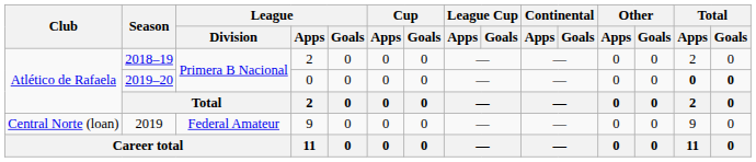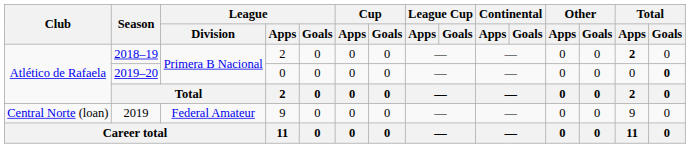 <table class="wikitable" style="text-align:center">
 <tr>
 <th rowspan="2">Club</th>
 <th rowspan="2">Season</th>
 <th colspan="3">League</th>
 <th colspan="2">Cup</th>
 <th colspan="2">League Cup</th>
 <th colspan="2">Continental</th>
 <th colspan="2">Other</th>
 <th colspan="2">Total</th>
 </tr>
 <tr>
 <th>Division</th>
 <th>Apps</th>
 <th>Goals</th>
 <th>Apps</th>
 <th>Goals</th>
 <th>Apps</th>
 <th>Goals</th>
 <th>Apps</th>
 <th>Goals</th>
 <th>Apps</th>
 <th>Goals</th>
 <th>Apps</th>
 <th>Goals</th>
 </tr>
 <tr>
 <td rowspan="3"><a href='#'>Atlético de Rafaela</a></td>
 <td><a href='#'>2018–19</a></td>
 <td rowspan="2"><a href='#'>Primera B Nacional</a></td>
 <td>2</td>
 <td>0</td>
 <td>0</td>
 <td>0</td>
 <td colspan="2">—</td>
 <td colspan="2">—</td>
 <td>0</td>
 <td>0</td>
-<td>2</td>
+<td><strong>2</strong></td>
 <td>0</td>
 </tr>
 <tr>
 <td><a href='#'>2019–20</a></td>
 <td>0</td>
 <td>0</td>
 <td>0</td>
 <td>0</td>
 <td colspan="2">—</td>
 <td colspan="2">—</td>
 <td>0</td>
 <td>0</td>
-<td><strong>0</strong></td>
+<td>0</td>
 <td><strong>0</strong></td>
 </tr>
 <tr>
 <th colspan="2">Total</th>
 <th>2</th>
 <th>0</th>
 <th>0</th>
 <th>0</th>
 <th colspan="2">—</th>
 <th colspan="2">—</th>
 <th>0</th>
 <th>0</th>
 <th>2</th>
 <th>0</th>
 </tr>
 <tr>
 <td rowspan="1"><a href='#'>Central Norte</a> (loan)</td>
 <td>2019</td>
 <td rowspan="1"><a href='#'>Federal Amateur</a></td>
 <td>9</td>
 <td>0</td>
 <td>0</td>
 <td>0</td>
 <td colspan="2">—</td>
 <td colspan="2">—</td>
 <td>0</td>
 <td>0</td>
 <td>9</td>
 <td>0</td>
 </tr>
 <tr>
 <th colspan="3">Career total</th>
 <th>11</th>
 <th>0</th>
 <th>0</th>
 <th>0</th>
 <th colspan="2">—</th>
 <th colspan="2">—</th>
 <th>0</th>
 <th>0</th>
 <th>11</th>
 <th>0</th>
 </tr>
 </table>
